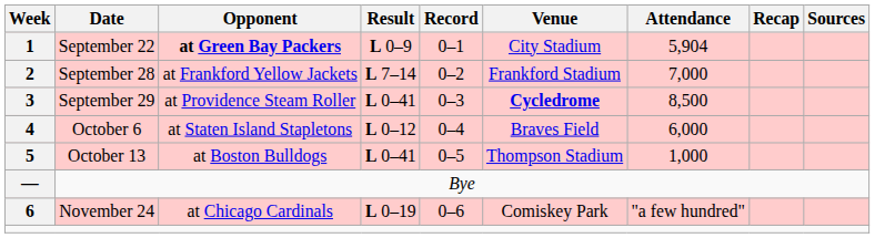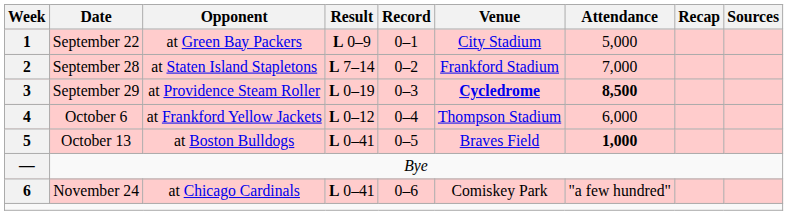 <table class="wikitable" style="text-align:center">
 <tr>
 <th>Week</th>
 <th>Date</th>
 <th>Opponent</th>
 <th>Result</th>
 <th>Record</th>
 <th>Venue</th>
 <th>Attendance</th>
 <th>Recap</th>
 <th>Sources</th>
 </tr>
 <tr style="background:#fcc">
 <th>1</th>
 <td>September 22</td>
-<td><strong>at <a href='#'>Green Bay Packers</a></strong></td>
+<td>at <a href='#'>Green Bay Packers</a></td>
 <td><strong>L</strong> 0–9</td>
 <td>0–1</td>
 <td><a href='#'>City Stadium</a></td>
-<td>5,904</td>
+<td>5,000</td>
 <td></td>
 <td></td>
 </tr>
 <tr style="background:#fcc">
 <th>2</th>
 <td>September 28</td>
-<td>at <a href='#'>Frankford Yellow Jackets</a></td>
+<td>at <a href='#'>Staten Island Stapletons</a></td>
 <td><strong>L</strong> 7–14</td>
 <td>0–2</td>
 <td><a href='#'>Frankford Stadium</a></td>
 <td>7,000</td>
 <td></td>
 <td></td>
 </tr>
 <tr style="background:#fcc">
 <th>3</th>
 <td>September 29</td>
 <td>at <a href='#'>Providence Steam Roller</a></td>
-<td><strong>L</strong> 0–41</td>
+<td><strong>L</strong> 0–19</td>
 <td>0–3</td>
 <td><strong><a href='#'>Cycledrome</a></strong></td>
-<td>8,500</td>
+<td><strong>8,500</strong></td>
 <td></td>
 <td></td>
 </tr>
 <tr style="background:#fcc">
 <th>4</th>
 <td>October 6</td>
-<td>at <a href='#'>Staten Island Stapletons</a></td>
+<td>at <a href='#'>Frankford Yellow Jackets</a></td>
 <td><strong>L</strong> 0–12</td>
 <td>0–4</td>
-<td><a href='#'>Braves Field</a></td>
+<td><a href='#'>Thompson Stadium</a></td>
 <td>6,000</td>
 <td></td>
 <td></td>
 </tr>
 <tr style="background:#fcc">
 <th>5</th>
 <td>October 13</td>
 <td>at <a href='#'>Boston Bulldogs</a></td>
 <td><strong>L</strong> 0–41</td>
 <td>0–5</td>
-<td><a href='#'>Thompson Stadium</a></td>
-<td>1,000</td>
+<td><a href='#'>Braves Field</a></td>
+<td><strong>1,000</strong></td>
 <td></td>
 <td></td>
 </tr>
 <tr>
 <th>—</th>
 <td colspan="8"><em>Bye</em></td>
 </tr>
 <tr style="background:#fcc">
 <th>6</th>
 <td>November 24</td>
 <td>at <a href='#'>Chicago Cardinals</a></td>
-<td><strong>L</strong> 0–19</td>
+<td><strong>L</strong> 0–41</td>
 <td>0–6</td>
 <td>Comiskey Park</td>
 <td>"a few hundred"</td>
 <td></td>
 <td></td>
 </tr>
 <tr>
 <td colspan="10"></td>
 </tr>
 </table>
